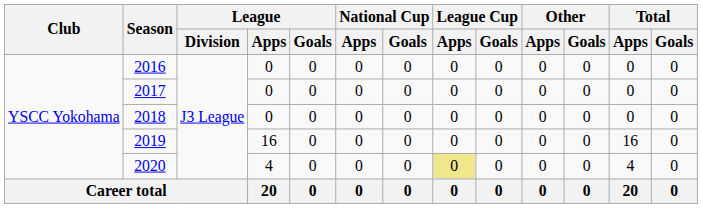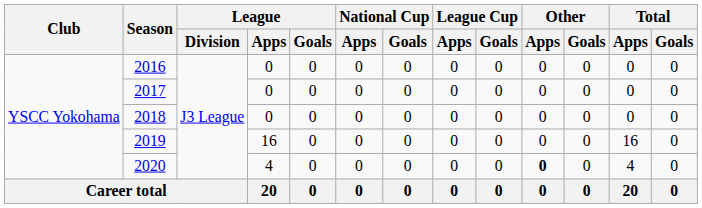 <table class="wikitable" style="text-align: center">
 <tr>
 <th rowspan="2">Club</th>
 <th rowspan="2">Season</th>
 <th colspan="3">League</th>
 <th colspan="2">National Cup</th>
 <th colspan="2">League Cup</th>
 <th colspan="2">Other</th>
 <th colspan="2">Total</th>
 </tr>
 <tr>
 <th>Division</th>
 <th>Apps</th>
 <th>Goals</th>
 <th>Apps</th>
 <th>Goals</th>
 <th>Apps</th>
 <th>Goals</th>
 <th>Apps</th>
 <th>Goals</th>
 <th>Apps</th>
 <th>Goals</th>
 </tr>
 <tr>
 <td rowspan="5"><a href='#'>YSCC Yokohama</a></td>
 <td><a href='#'>2016</a></td>
 <td rowspan="5"><a href='#'>J3 League</a></td>
 <td>0</td>
 <td>0</td>
 <td>0</td>
 <td>0</td>
 <td>0</td>
 <td>0</td>
 <td>0</td>
 <td>0</td>
 <td>0</td>
 <td>0</td>
 </tr>
 <tr>
 <td><a href='#'>2017</a></td>
 <td>0</td>
 <td>0</td>
 <td>0</td>
 <td>0</td>
 <td>0</td>
 <td>0</td>
 <td>0</td>
 <td>0</td>
 <td>0</td>
 <td>0</td>
 </tr>
 <tr>
 <td><a href='#'>2018</a></td>
 <td>0</td>
 <td>0</td>
 <td>0</td>
 <td>0</td>
 <td>0</td>
 <td>0</td>
 <td>0</td>
 <td>0</td>
 <td>0</td>
 <td>0</td>
 </tr>
 <tr>
 <td><a href='#'>2019</a></td>
 <td>16</td>
 <td>0</td>
 <td>0</td>
 <td>0</td>
 <td>0</td>
 <td>0</td>
 <td>0</td>
 <td>0</td>
 <td>16</td>
 <td>0</td>
 </tr>
 <tr>
 <td><a href='#'>2020</a></td>
 <td>4</td>
 <td>0</td>
 <td>0</td>
 <td>0</td>
-<td style="background: khaki;">0</td>
 <td>0</td>
 <td>0</td>
+<td><strong>0</strong></td>
 <td>0</td>
 <td>4</td>
 <td>0</td>
 </tr>
 <tr>
 <th colspan=3>Career total</th>
 <th>20</th>
 <th>0</th>
 <th>0</th>
 <th>0</th>
 <th>0</th>
 <th>0</th>
 <th>0</th>
 <th>0</th>
 <th>20</th>
 <th>0</th>
 </tr>
 </table>
